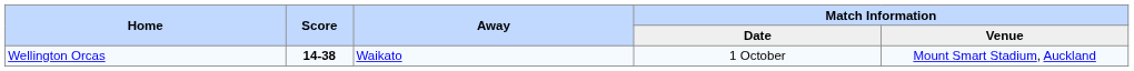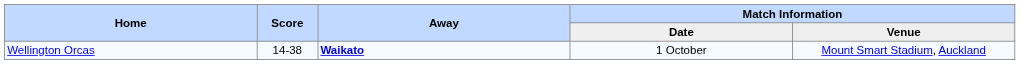 <table border=1 style="border-collapse:collapse; font-size:90%; text-align:center;" cellpadding=3 cellspacing=0 width=100%>
 <tr bgcolor=#C1D8FF>
 <th rowspan=2 width=25%>Home</th>
 <th rowspan=2 width=6%>Score</th>
 <th rowspan=2 width=25%>Away</th>
 <th colspan=6>Match Information</th>
 </tr>
 <tr bgcolor=#EFEFEF>
 <th width=22%>Date</th>
 <th width=22%>Venue</th>
 </tr>
 <tr bgcolor=#F5FAFF>
 <td align=left><a href='#'>Wellington Orcas</a></td>
-<td><strong>14-38</strong></td>
-<td align=left><a href='#'>Waikato</a></td>
+<td>14-38</td>
+<td align=left><strong><a href='#'>Waikato</a></strong></td>
 <td>1 October</td>
 <td><a href='#'>Mount Smart Stadium</a>, <a href='#'>Auckland</a></td>
 </tr>
 </table>
